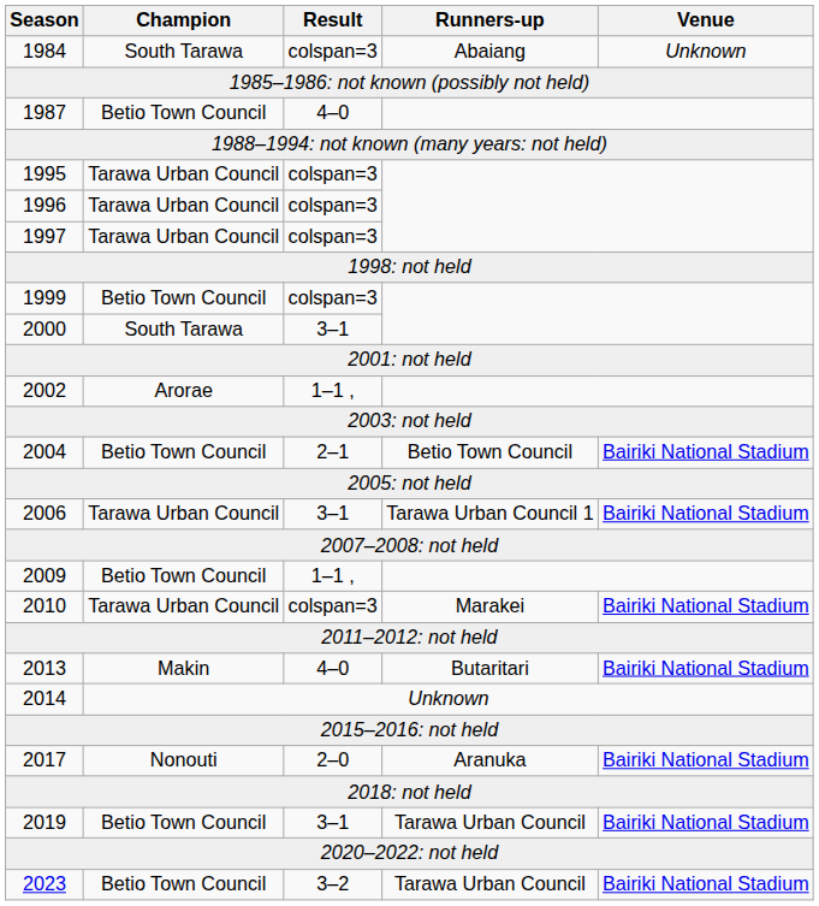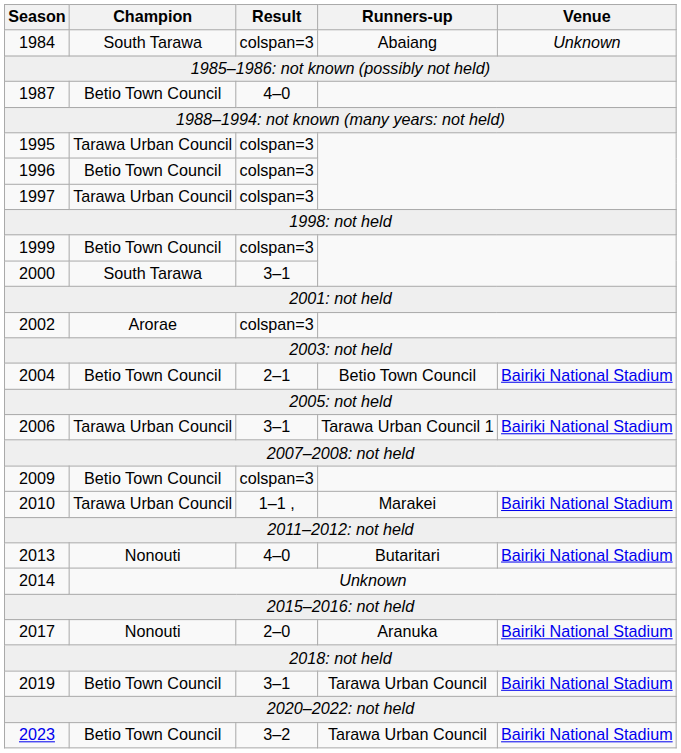 <table class="wikitable sortable" style="text-align:center;">
 <tr>
 <th>Season</th>
 <th>Champion</th>
 <th>Result</th>
 <th>Runners-up</th>
 <th>Venue</th>
 </tr>
 <tr>
 <td>1984</td>
 <td>South Tarawa</td>
 <td>colspan=3 </td>
 <td>Abaiang</td>
 <td><em>Unknown</em></td>
 </tr>
 <tr>
 <td colspan=5 style=background:#efefef><em>1985–1986: not known (possibly not held)</em></td>
 </tr>
 <tr>
 <td>1987</td>
 <td>Betio Town Council</td>
 <td>4–0</td>
 </tr>
 <tr>
 <td colspan=5 style=background:#efefef><em>1988–1994: not known (many years: not held)</em></td>
 </tr>
 <tr>
 <td>1995</td>
 <td>Tarawa Urban Council</td>
 <td>colspan=3 </td>
 </tr>
 <tr>
 <td>1996</td>
-<td>Tarawa Urban Council</td>
+<td>Betio Town Council</td>
 <td>colspan=3 </td>
 </tr>
 <tr>
 <td>1997</td>
 <td>Tarawa Urban Council</td>
 <td>colspan=3 </td>
 </tr>
 <tr>
 <td colspan=5 style=background:#efefef><em>1998: not held</em></td>
 </tr>
 <tr>
 <td>1999</td>
 <td>Betio Town Council</td>
 <td>colspan=3 </td>
 </tr>
 <tr>
 <td>2000</td>
 <td>South Tarawa</td>
 <td>3–1</td>
 </tr>
 <tr>
 <td colspan=5 style=background:#efefef><em>2001: not held</em></td>
 </tr>
 <tr>
 <td>2002</td>
 <td>Arorae</td>
-<td>1–1 , </td>
+<td>colspan=3 </td>
 </tr>
 <tr>
 <td colspan=5 style=background:#efefef><em>2003: not held</em></td>
 </tr>
 <tr>
 <td>2004</td>
 <td>Betio Town Council</td>
 <td>2–1</td>
 <td>Betio Town Council</td>
 <td><a href='#'>Bairiki National Stadium</a></td>
 </tr>
 <tr>
 <td colspan=5 style=background:#efefef><em>2005: not held</em></td>
 </tr>
 <tr>
 <td>2006</td>
 <td>Tarawa Urban Council</td>
 <td>3–1</td>
 <td>Tarawa Urban Council 1</td>
 <td><a href='#'>Bairiki National Stadium</a></td>
 </tr>
 <tr>
 <td colspan=5 style=background:#efefef><em>2007–2008: not held</em></td>
 </tr>
 <tr>
 <td>2009</td>
 <td>Betio Town Council</td>
-<td>1–1 , </td>
+<td>colspan=3 </td>
 </tr>
 <tr>
 <td>2010</td>
 <td>Tarawa Urban Council</td>
-<td>colspan=3 </td>
+<td>1–1 , </td>
 <td>Marakei</td>
 <td><a href='#'>Bairiki National Stadium</a></td>
 </tr>
 <tr>
 <td colspan=5 style=background:#efefef><em>2011–2012: not held</em></td>
 </tr>
 <tr>
 <td>2013</td>
-<td>Makin</td>
+<td>Nonouti</td>
 <td>4–0</td>
 <td>Butaritari</td>
 <td><a href='#'>Bairiki National Stadium</a></td>
 </tr>
 <tr>
 <td>2014</td>
 <td colspan=4><em>Unknown</em></td>
 </tr>
 <tr>
 <td colspan=5 style=background:#efefef><em>2015–2016: not held</em></td>
 </tr>
 <tr>
 <td>2017</td>
 <td>Nonouti</td>
 <td>2–0</td>
 <td>Aranuka</td>
 <td><a href='#'>Bairiki National Stadium</a></td>
 </tr>
 <tr>
 <td colspan=5 style=background:#efefef><em>2018: not held</em></td>
 </tr>
 <tr>
 <td>2019</td>
 <td>Betio Town Council</td>
 <td>3–1</td>
 <td>Tarawa Urban Council</td>
 <td><a href='#'>Bairiki National Stadium</a></td>
 </tr>
 <tr>
 <td colspan=5 style=background:#efefef><em>2020–2022: not held</em></td>
 </tr>
 <tr>
 <td><a href='#'>2023</a></td>
 <td>Betio Town Council</td>
 <td>3–2</td>
 <td>Tarawa Urban Council</td>
 <td><a href='#'>Bairiki National Stadium</a></td>
 </tr>
 </table>
